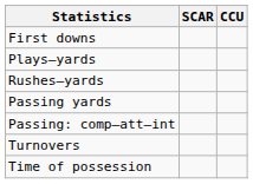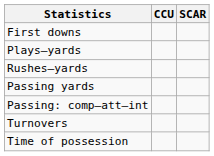 <table class="wikitable" style="float:left">
 <tr>
 <th>Statistics</th>
+<th>CCU</th>
 <th>SCAR</th>
-<th>CCU</th>
 </tr>
 <tr>
 <td>First downs</td>
 <td></td>
 <td></td>
 </tr>
 <tr>
 <td>Plays–yards</td>
 <td></td>
 <td></td>
 </tr>
 <tr>
 <td>Rushes–yards</td>
 <td></td>
 <td></td>
 </tr>
 <tr>
 <td>Passing yards</td>
 <td></td>
 <td></td>
 </tr>
 <tr>
 <td>Passing: comp–att–int</td>
 <td></td>
 <td></td>
 </tr>
 <tr>
 <td>Turnovers</td>
 <td></td>
 <td></td>
 </tr>
 <tr>
 <td>Time of possession</td>
 <td></td>
 <td></td>
 </tr>
 </table>
